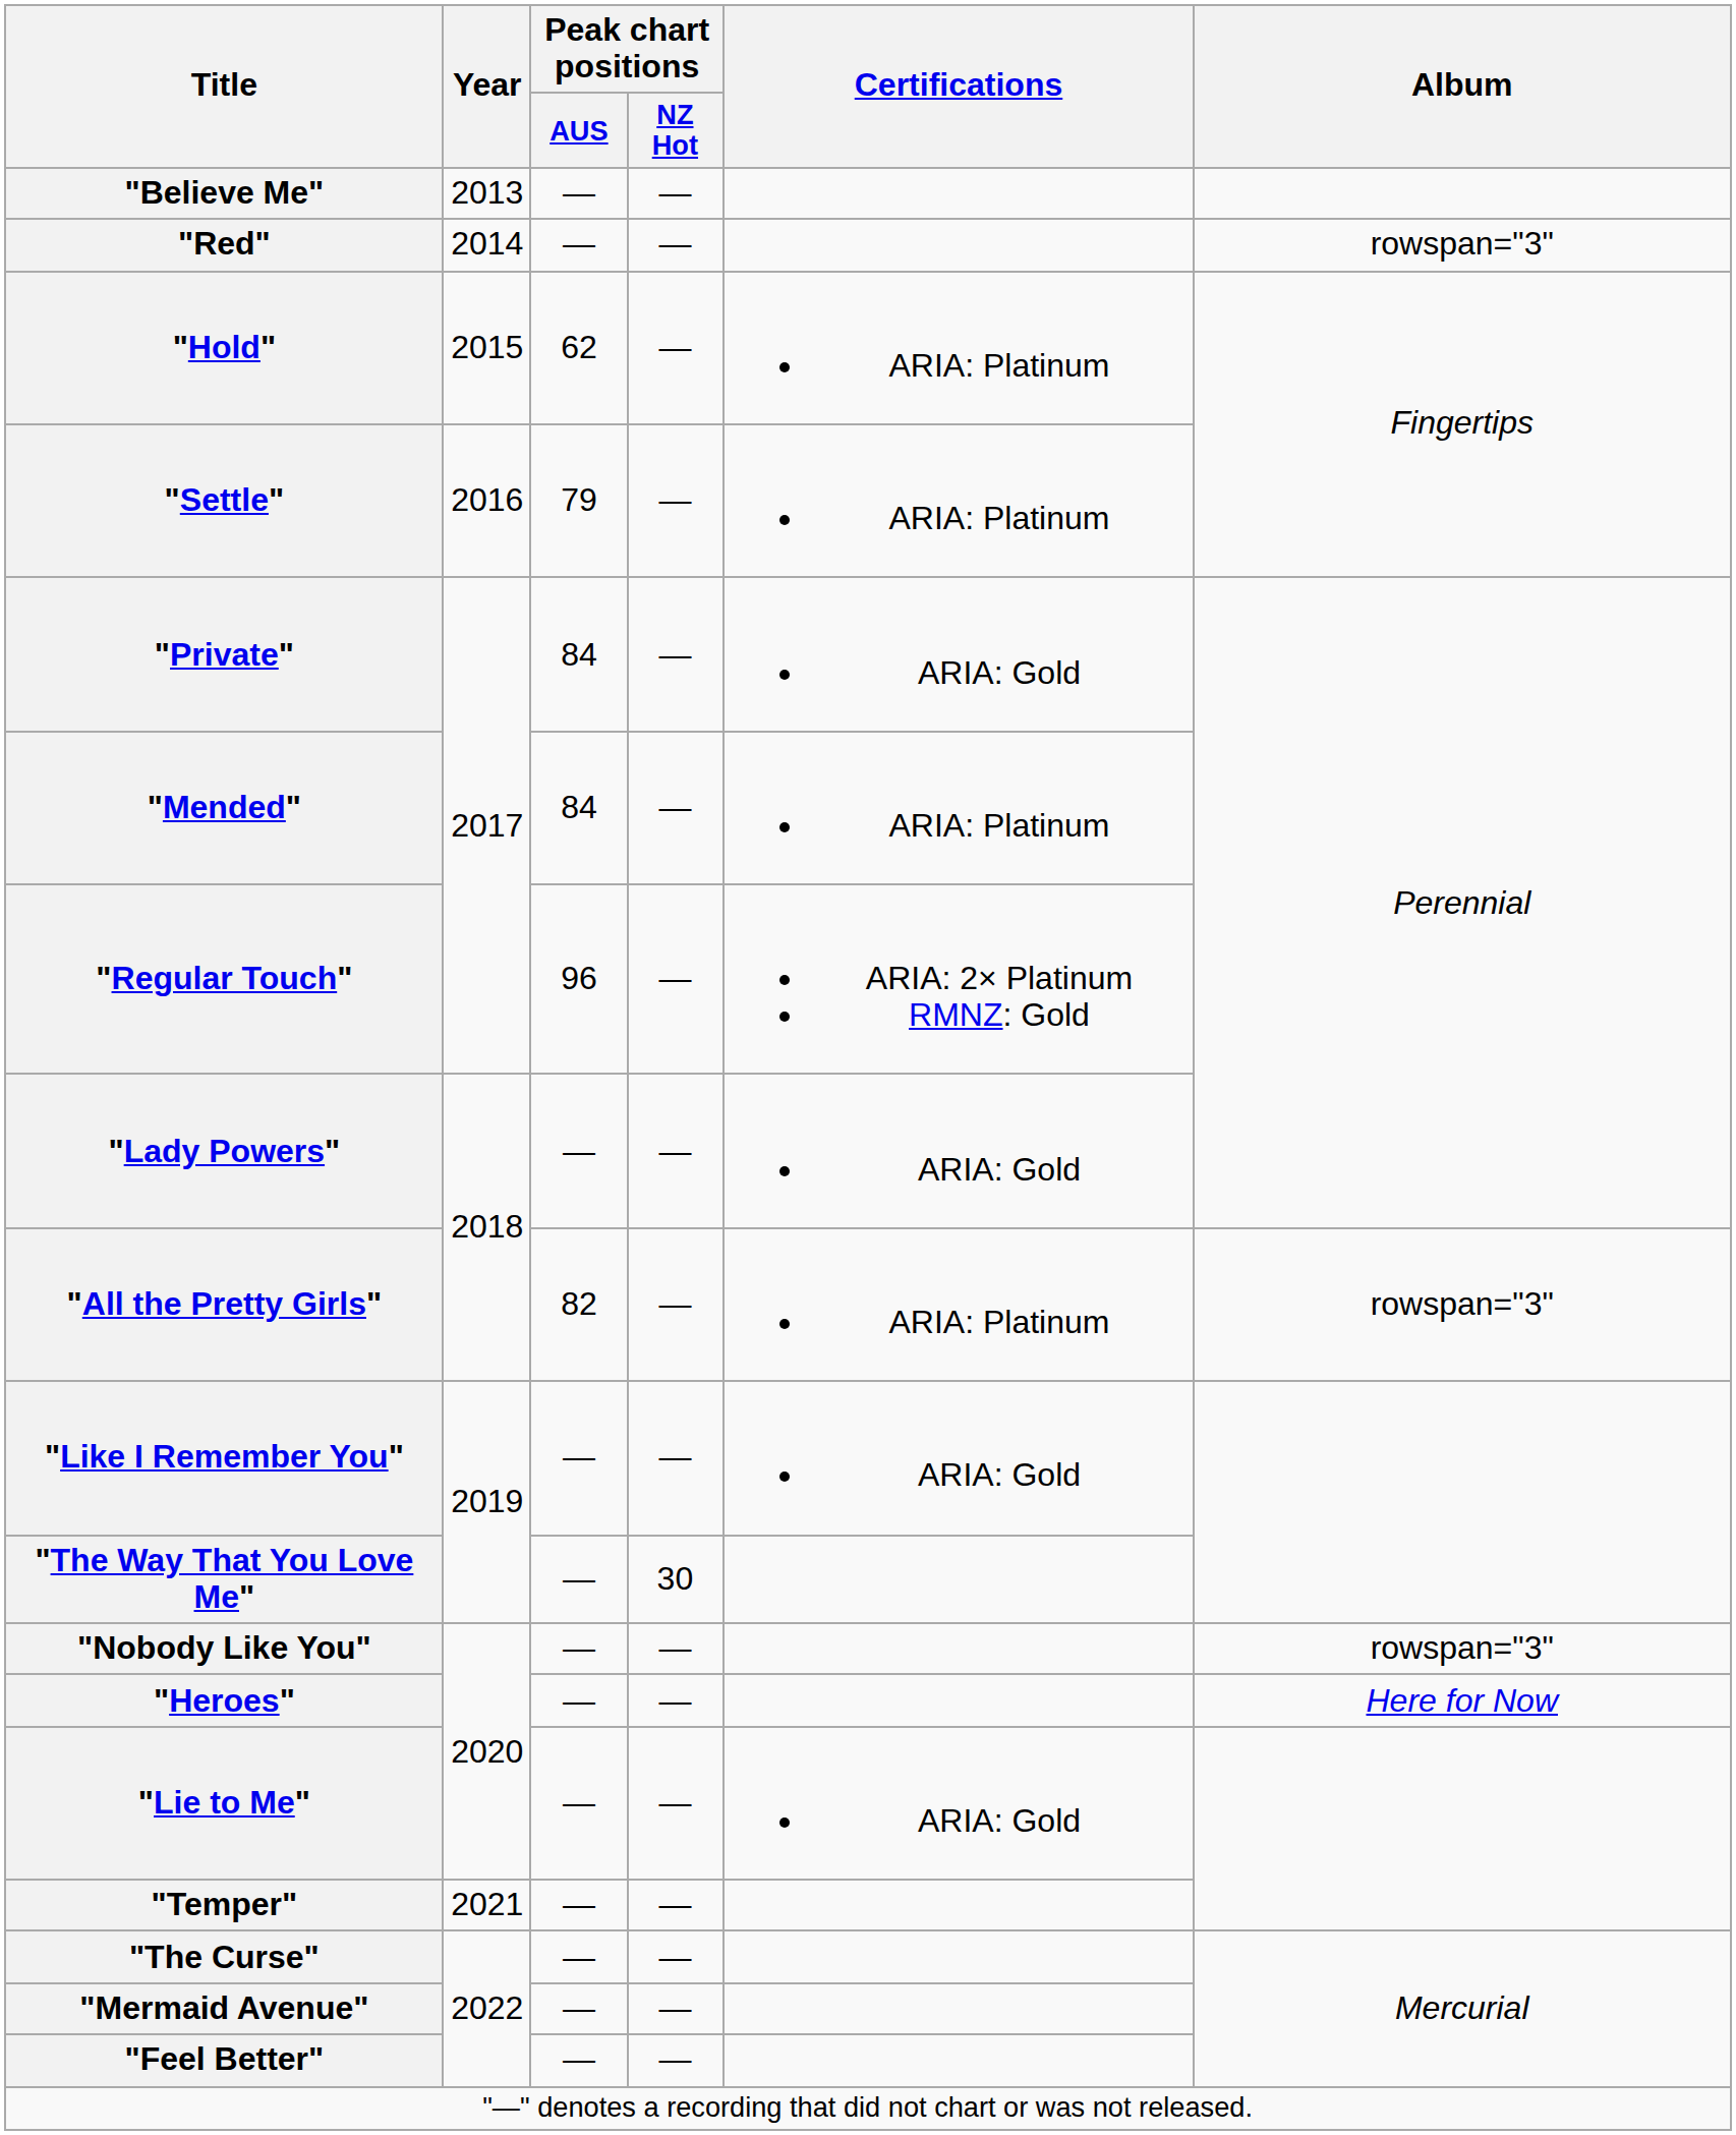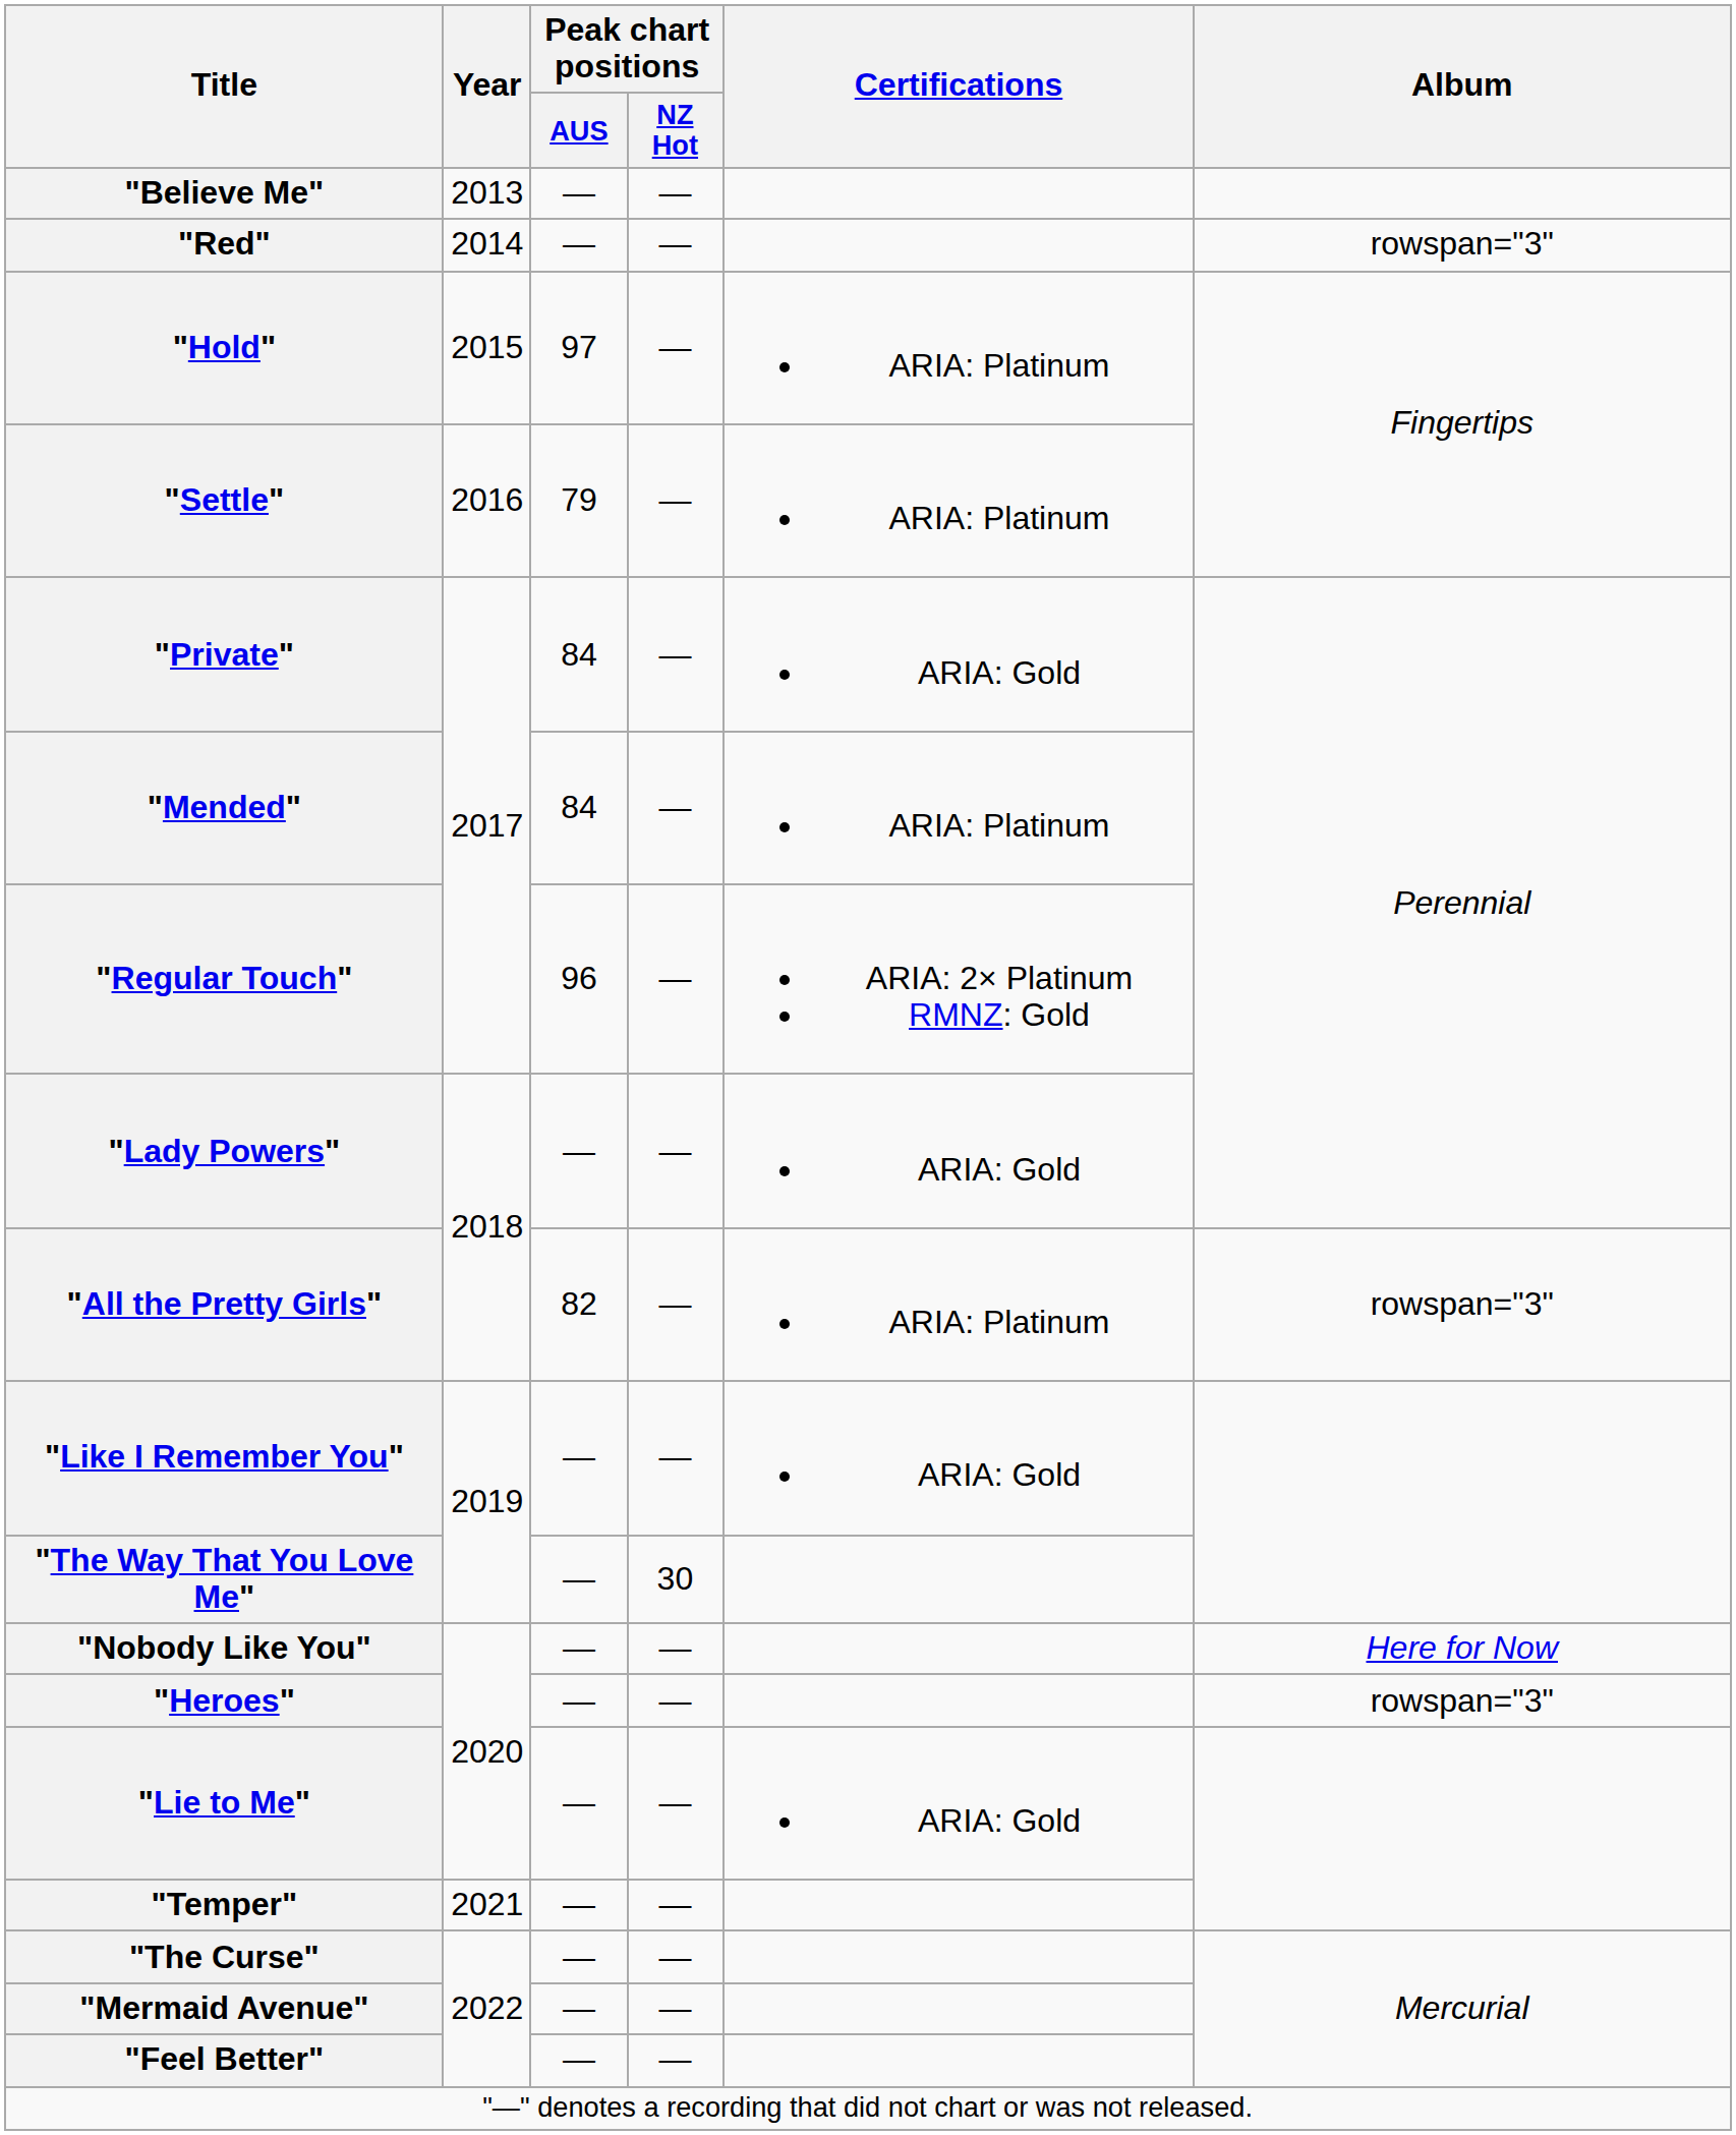 <table class="wikitable plainrowheaders" style="text-align:center">
 <tr>
 <th scope="col" rowspan="2" style="width:13em;">Title</th>
 <th scope="col" rowspan="2" style="width:1em;">Year</th>
 <th scope="col" colspan="2">Peak chart positions</th>
 <th scope="col" rowspan="2" style="width:14em;"><a href='#'>Certifications</a></th>
 <th scope="col" rowspan="2" style="width:16em;">Album</th>
 </tr>
 <tr>
 <th scope="col" style="width:3em;font-size:85%;"><a href='#'>AUS</a><br></th>
 <th scope="col" style="width:3em;font-size:85%;"><a href='#'>NZ<br>Hot</a><br></th>
 </tr>
 <tr>
 <th scope="row">"Believe Me"<br></th>
 <td>2013</td>
 <td>—</td>
 <td>—</td>
 <td></td>
 <td></td>
 </tr>
 <tr>
 <th scope="row">"Red"<br></th>
 <td>2014</td>
 <td>—</td>
 <td>—</td>
 <td></td>
 <td>rowspan="3" </td>
 </tr>
 <tr>
 <th scope="row">"<a href='#'>Hold</a>"</th>
 <td>2015</td>
-<td>62</td>
+<td>97</td>
 <td>—</td>
 <td><br><ul><li>ARIA: Platinum</li></ul></td>
 <td rowspan="2"><em>Fingertips</em></td>
 </tr>
 <tr>
 <th scope="row">"<a href='#'>Settle</a>"</th>
 <td>2016</td>
 <td>79</td>
 <td>—</td>
 <td><br><ul><li>ARIA: Platinum</li></ul></td>
 </tr>
 <tr>
 <th scope="row">"<a href='#'>Private</a>"</th>
 <td rowspan="3">2017</td>
 <td>84</td>
 <td>—</td>
 <td><br><ul><li>ARIA: Gold</li></ul></td>
 <td rowspan="4"><em>Perennial</em></td>
 </tr>
 <tr>
 <th scope="row">"<a href='#'>Mended</a>"</th>
 <td>84</td>
 <td>—</td>
 <td><br><ul><li>ARIA: Platinum</li></ul></td>
 </tr>
 <tr>
 <th scope="row">"<a href='#'>Regular Touch</a>"</th>
 <td>96</td>
 <td>—</td>
 <td><br><ul><li>ARIA: 2× Platinum</li><li><a href='#'>RMNZ</a>: Gold</li></ul></td>
 </tr>
 <tr>
 <th scope="row">"<a href='#'>Lady Powers</a>"<br></th>
 <td rowspan="2">2018</td>
 <td>—</td>
 <td>—</td>
 <td><br><ul><li>ARIA: Gold</li></ul></td>
 </tr>
 <tr>
 <th scope="row">"<a href='#'>All the Pretty Girls</a>"</th>
 <td>82</td>
 <td>—</td>
 <td><br><ul><li>ARIA: Platinum</li></ul></td>
 <td>rowspan="3" </td>
 </tr>
 <tr>
 <th scope="row">"<a href='#'>Like I Remember You</a>"</th>
 <td rowspan="2">2019</td>
 <td>—</td>
 <td>—</td>
 <td><br><ul><li>ARIA: Gold</li></ul></td>
 </tr>
 <tr>
 <th scope="row">"<a href='#'>The Way That You Love Me</a>"</th>
 <td>—</td>
 <td>30</td>
 <td></td>
 </tr>
 <tr>
 <th scope="row">"Nobody Like You"<br></th>
 <td rowspan="3">2020</td>
 <td>—</td>
 <td>—</td>
 <td></td>
-<td>rowspan="3" </td>
+<td><em><a href='#'>Here for Now</a></em></td>
 </tr>
 <tr>
 <th scope="row">"<a href='#'>Heroes</a>"</th>
 <td>—</td>
 <td>—</td>
 <td></td>
-<td><em><a href='#'>Here for Now</a></em></td>
+<td>rowspan="3" </td>
 </tr>
 <tr>
 <th scope="row">"<a href='#'>Lie to Me</a>"</th>
 <td>—</td>
 <td>—</td>
 <td><br><ul><li>ARIA: Gold</li></ul></td>
 </tr>
 <tr>
 <th scope="row">"Temper"</th>
 <td>2021</td>
 <td>—</td>
 <td>—</td>
 <td></td>
 </tr>
 <tr>
 <th scope="row">"The Curse"</th>
 <td rowspan="3">2022</td>
 <td>—</td>
 <td>—</td>
 <td></td>
 <td rowspan="3"><em>Mercurial</em></td>
 </tr>
 <tr>
 <th scope="row">"Mermaid Avenue"</th>
 <td>—</td>
 <td>—</td>
 <td></td>
 </tr>
 <tr>
 <th scope="row">"Feel Better"</th>
 <td>—</td>
 <td>—</td>
 <td></td>
 </tr>
 <tr>
 <td colspan="6" style="font-size:85%">"—" denotes a recording that did not chart or was not released.</td>
 </tr>
 </table>
